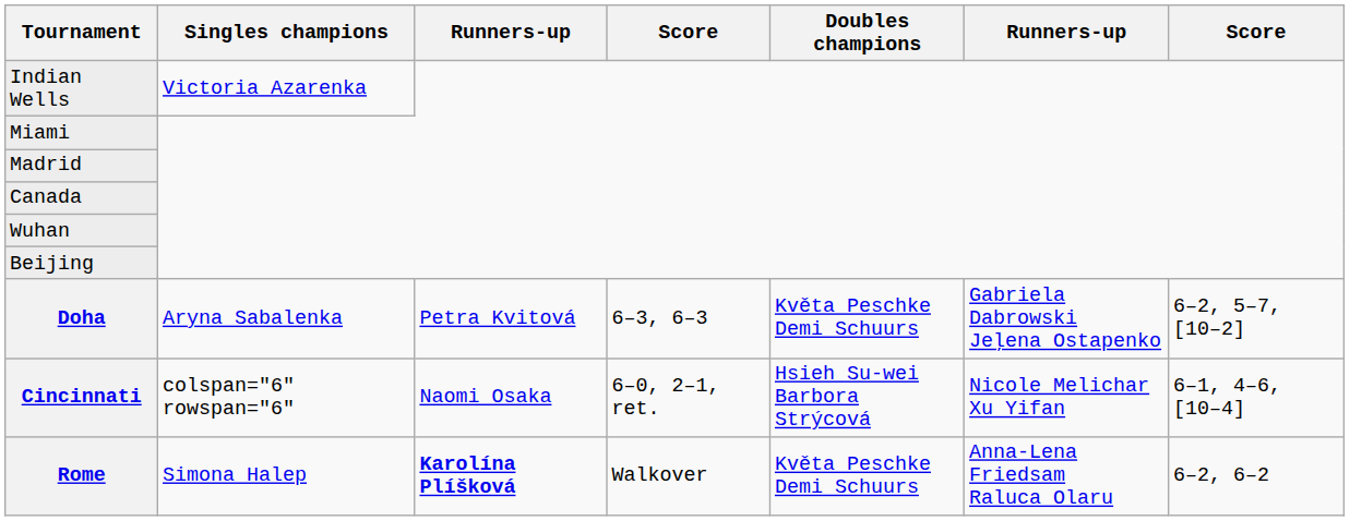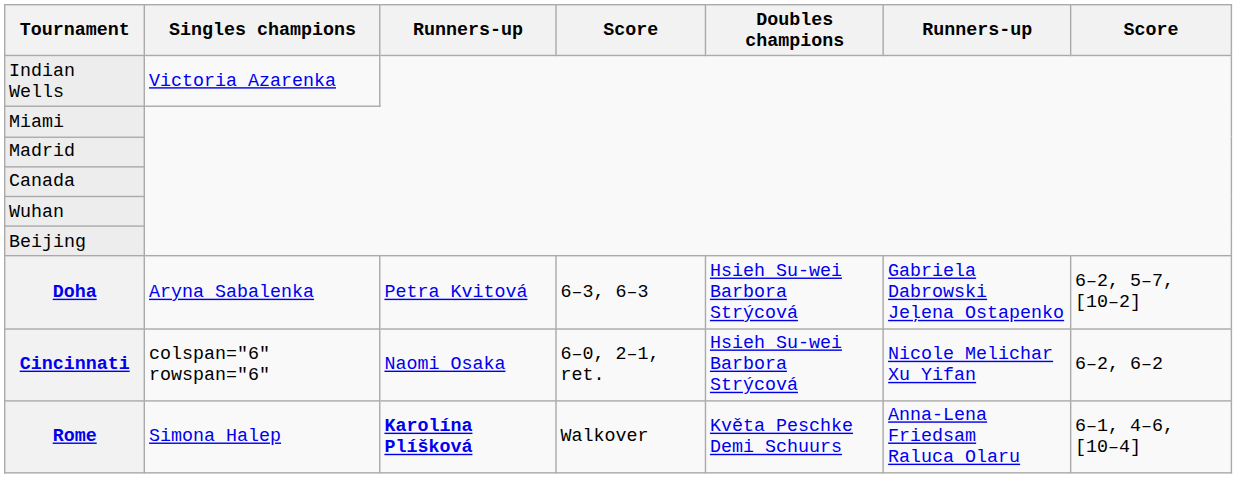 <table class="wikitable plainrowheaders">
 <tr>
 <th scope="col" style="min-width:7em">Tournament</th>
 <th scope="col">Singles champions</th>
 <th scope="col">Runners-up</th>
 <th scope="col">Score</th>
 <th scope="col">Doubles champions</th>
 <th scope="col">Runners-up</th>
 <th scope="col">Score</th>
 </tr>
 <tr>
 <td style="background:#ededed">Indian Wells</td>
 <td> <a href='#'>Victoria Azarenka</a></td>
 </tr>
 <tr>
 <td style="background:#ededed">Miami</td>
 </tr>
 <tr>
 <td style="background:#ededed">Madrid</td>
 </tr>
 <tr>
 <td style="background:#ededed">Canada</td>
 </tr>
 <tr>
 <td style="background:#ededed">Wuhan</td>
 </tr>
 <tr>
 <td style="background:#ededed">Beijing</td>
 </tr>
 <tr>
 <th scope="row"><strong><a href='#'>Doha</a></strong><br></th>
 <td> <a href='#'>Aryna Sabalenka</a></td>
 <td> <a href='#'>Petra Kvitová</a></td>
 <td>6–3, 6–3</td>
-<td> <a href='#'>Květa Peschke</a> <br>  <a href='#'>Demi Schuurs</a></td>
+<td> <a href='#'>Hsieh Su-wei</a> <br>  <a href='#'>Barbora Strýcová</a></td>
 <td> <a href='#'>Gabriela Dabrowski</a> <br>  <a href='#'>Jeļena Ostapenko</a></td>
 <td>6–2, 5–7, [10–2]</td>
 </tr>
 <tr>
 <th scope="row"><strong><a href='#'>Cincinnati</a></strong><br></th>
 <td>colspan="6" rowspan="6" </td>
 <td> <a href='#'>Naomi Osaka</a></td>
 <td>6–0, 2–1, ret.</td>
 <td> <a href='#'>Hsieh Su-wei</a> <br>  <a href='#'>Barbora Strýcová</a></td>
 <td> <a href='#'>Nicole Melichar</a> <br>  <a href='#'>Xu Yifan</a></td>
-<td>6–1, 4–6, [10–4]</td>
+<td>6–2, 6–2</td>
 </tr>
 <tr>
 <th scope="row"><strong><a href='#'>Rome</a></strong><br></th>
 <td> <a href='#'>Simona Halep</a></td>
 <td><strong> <a href='#'>Karolína Plíšková</a></strong></td>
 <td>Walkover</td>
 <td> <a href='#'>Květa Peschke</a> <br>  <a href='#'>Demi Schuurs</a></td>
 <td> <a href='#'>Anna-Lena Friedsam</a> <br>  <a href='#'>Raluca Olaru</a></td>
-<td>6–2, 6–2</td>
+<td>6–1, 4–6, [10–4]</td>
 </tr>
 </table>
